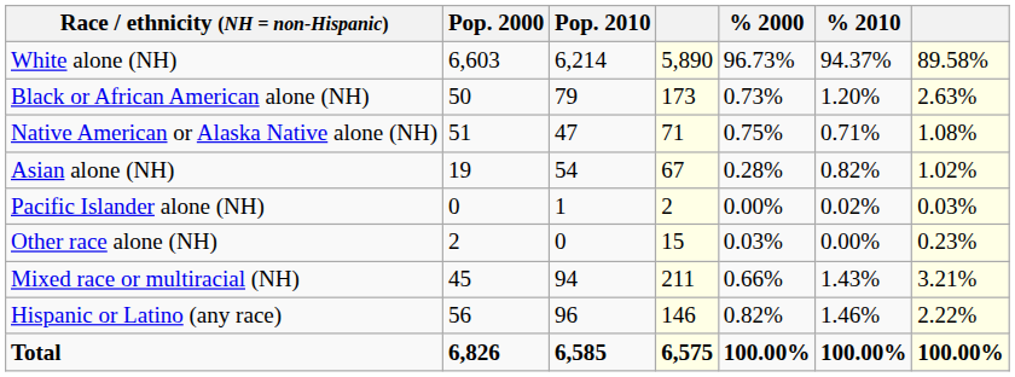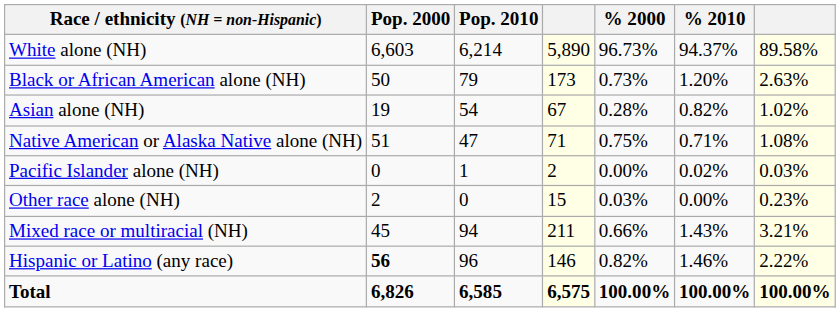 <table class="wikitable">
 <tr>
 <th>Race / ethnicity <small>(<em>NH = non-Hispanic</em>)</small></th>
 <th>Pop. 2000</th>
 <th>Pop. 2010</th>
 <th></th>
 <th>% 2000</th>
 <th>% 2010</th>
 <th></th>
 </tr>
 <tr>
 <td><a href='#'>White</a> alone (NH)</td>
 <td>6,603</td>
 <td>6,214</td>
 <td style='background: #ffffe6;'>5,890</td>
 <td>96.73%</td>
 <td>94.37%</td>
 <td style='background: #ffffe6;'>89.58%</td>
 </tr>
 <tr>
 <td><a href='#'>Black or African American</a> alone (NH)</td>
 <td>50</td>
 <td>79</td>
 <td style='background: #ffffe6;'>173</td>
 <td>0.73%</td>
 <td>1.20%</td>
 <td style='background: #ffffe6;'>2.63%</td>
 </tr>
 <tr>
+<td><a href='#'>Asian</a> alone (NH)</td>
+<td>19</td>
+<td>54</td>
+<td style='background: #ffffe6;'>67</td>
+<td>0.28%</td>
+<td>0.82%</td>
+<td style='background: #ffffe6;'>1.02%</td>
+</tr>
+<tr>
 <td><a href='#'>Native American</a> or <a href='#'>Alaska Native</a> alone (NH)</td>
 <td>51</td>
 <td>47</td>
 <td style='background: #ffffe6;'>71</td>
 <td>0.75%</td>
 <td>0.71%</td>
 <td style='background: #ffffe6;'>1.08%</td>
-</tr>
-<tr>
-<td><a href='#'>Asian</a> alone (NH)</td>
-<td>19</td>
-<td>54</td>
-<td style='background: #ffffe6;'>67</td>
-<td>0.28%</td>
-<td>0.82%</td>
-<td style='background: #ffffe6;'>1.02%</td>
 </tr>
 <tr>
 <td><a href='#'>Pacific Islander</a> alone (NH)</td>
 <td>0</td>
 <td>1</td>
 <td style='background: #ffffe6;'>2</td>
 <td>0.00%</td>
 <td>0.02%</td>
 <td style='background: #ffffe6;'>0.03%</td>
 </tr>
 <tr>
 <td><a href='#'>Other race</a> alone (NH)</td>
 <td>2</td>
 <td>0</td>
 <td style='background: #ffffe6;'>15</td>
 <td>0.03%</td>
 <td>0.00%</td>
 <td style='background: #ffffe6;'>0.23%</td>
 </tr>
 <tr>
 <td><a href='#'>Mixed race or multiracial</a> (NH)</td>
 <td>45</td>
 <td>94</td>
 <td style='background: #ffffe6;'>211</td>
 <td>0.66%</td>
 <td>1.43%</td>
 <td style='background: #ffffe6;'>3.21%</td>
 </tr>
 <tr>
 <td><a href='#'>Hispanic or Latino</a> (any race)</td>
-<td>56</td>
+<td><strong>56</strong></td>
 <td>96</td>
 <td style='background: #ffffe6;'>146</td>
 <td>0.82%</td>
 <td>1.46%</td>
 <td style='background: #ffffe6;'>2.22%</td>
 </tr>
 <tr>
 <td><strong>Total</strong></td>
 <td><strong>6,826</strong></td>
 <td><strong>6,585</strong></td>
 <td style='background: #ffffe6;'><strong>6,575</strong></td>
 <td><strong>100.00%</strong></td>
 <td><strong>100.00%</strong></td>
 <td style='background: #ffffe6;'><strong>100.00%</strong></td>
 </tr>
 </table>
